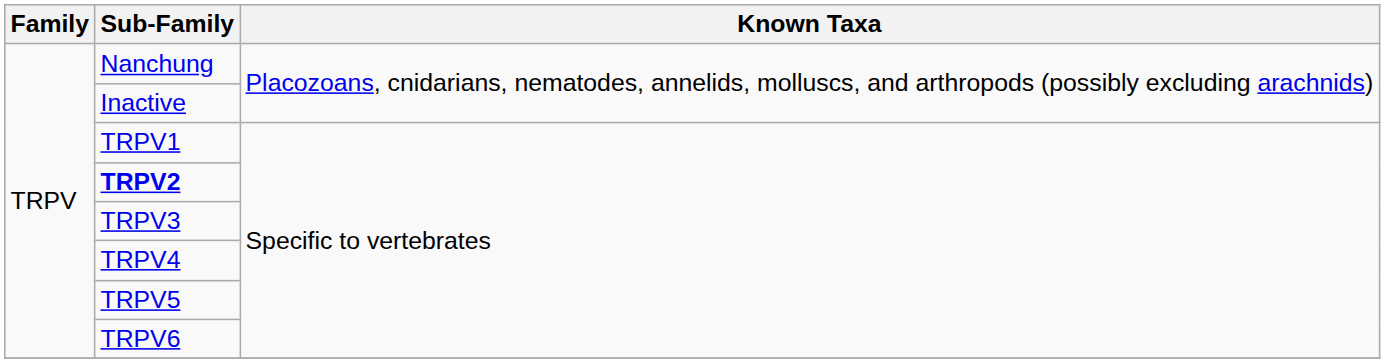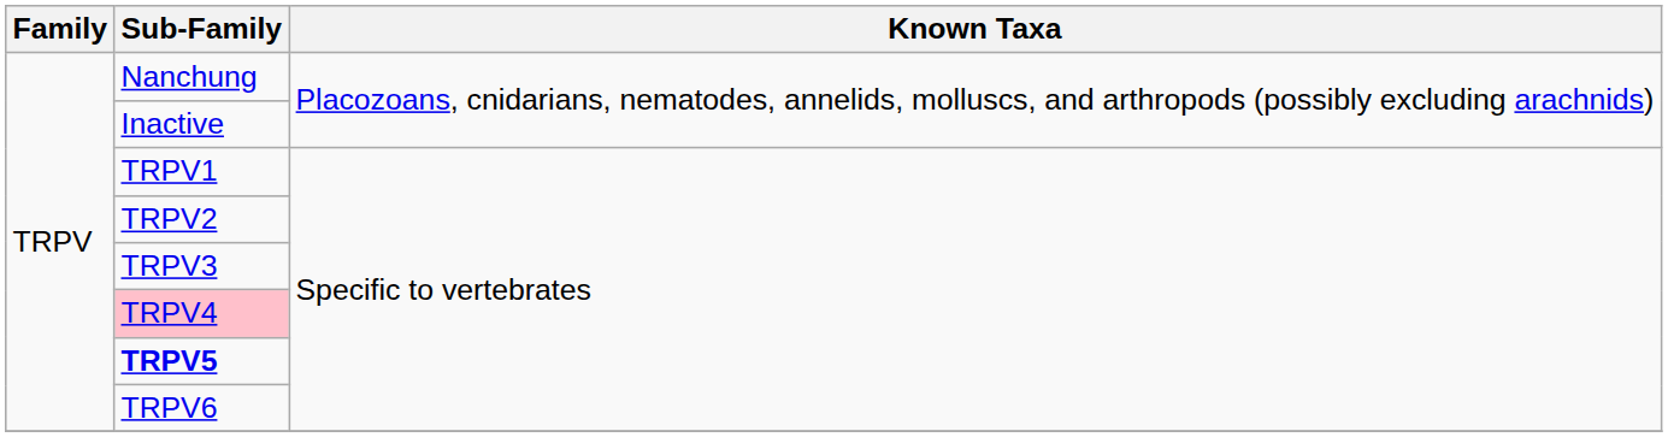 <table class="wikitable">
 <tr>
 <th>Family</th>
 <th>Sub-Family</th>
 <th>Known Taxa </th>
 </tr>
 <tr>
 <td rowspan="8">TRPV</td>
 <td><a href='#'>Nanchung</a></td>
 <td rowspan="2"><a href='#'>Placozoans</a>, cnidarians, nematodes, annelids, molluscs, and arthropods (possibly excluding <a href='#'>arachnids</a>)</td>
 </tr>
 <tr>
 <td><a href='#'>Inactive</a></td>
 </tr>
 <tr>
 <td><a href='#'>TRPV1</a></td>
 <td rowspan="6">Specific to vertebrates</td>
 </tr>
 <tr>
-<td><strong><a href='#'>TRPV2</a></strong></td>
+<td><a href='#'>TRPV2</a></td>
 </tr>
 <tr>
 <td><a href='#'>TRPV3</a></td>
 </tr>
 <tr>
-<td><a href='#'>TRPV4</a></td>
+<td style="background: pink;"><a href='#'>TRPV4</a></td>
 </tr>
 <tr>
-<td><a href='#'>TRPV5</a></td>
+<td><strong><a href='#'>TRPV5</a></strong></td>
 </tr>
 <tr>
 <td><a href='#'>TRPV6</a></td>
 </tr>
 <tr>
 </tr>
 </table>
